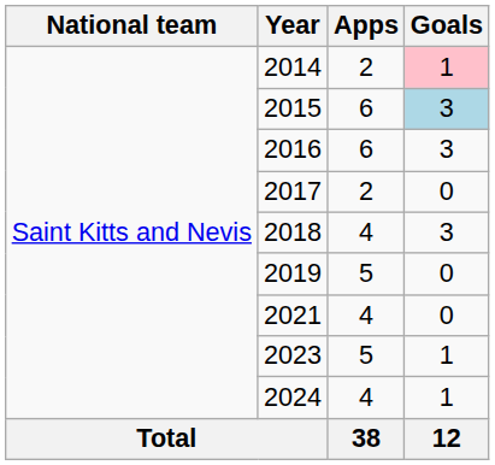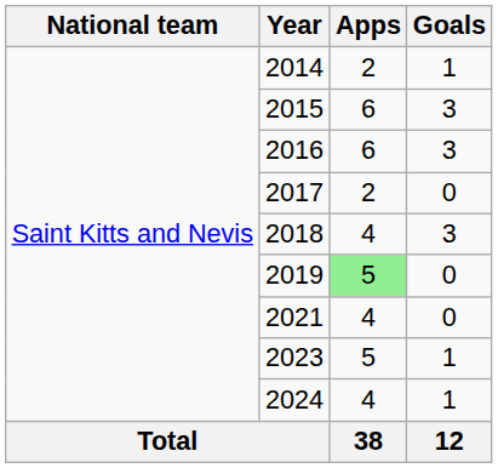 <table class="wikitable" style="text-align:center">
 <tr>
 <th>National team</th>
 <th>Year</th>
 <th>Apps</th>
 <th>Goals</th>
 </tr>
 <tr>
 <td rowspan="9"><a href='#'>Saint Kitts and Nevis</a></td>
 <td>2014</td>
 <td>2</td>
-<td style="background: pink;">1</td>
+<td>1</td>
 </tr>
 <tr>
 <td>2015</td>
 <td>6</td>
-<td style="background: lightblue;">3</td>
+<td>3</td>
 </tr>
 <tr>
 <td>2016</td>
 <td>6</td>
 <td>3</td>
 </tr>
 <tr>
 <td>2017</td>
 <td>2</td>
 <td>0</td>
 </tr>
 <tr>
 <td>2018</td>
 <td>4</td>
 <td>3</td>
 </tr>
 <tr>
 <td>2019</td>
-<td>5</td>
+<td style="background: lightgreen;">5</td>
 <td>0</td>
 </tr>
 <tr>
 <td>2021</td>
 <td>4</td>
 <td>0</td>
 </tr>
 <tr>
 <td>2023</td>
 <td>5</td>
 <td>1</td>
 </tr>
 <tr>
 <td>2024</td>
 <td>4</td>
 <td>1</td>
 </tr>
 <tr>
 <th colspan="2">Total</th>
 <th>38</th>
 <th>12</th>
 </tr>
 </table>
